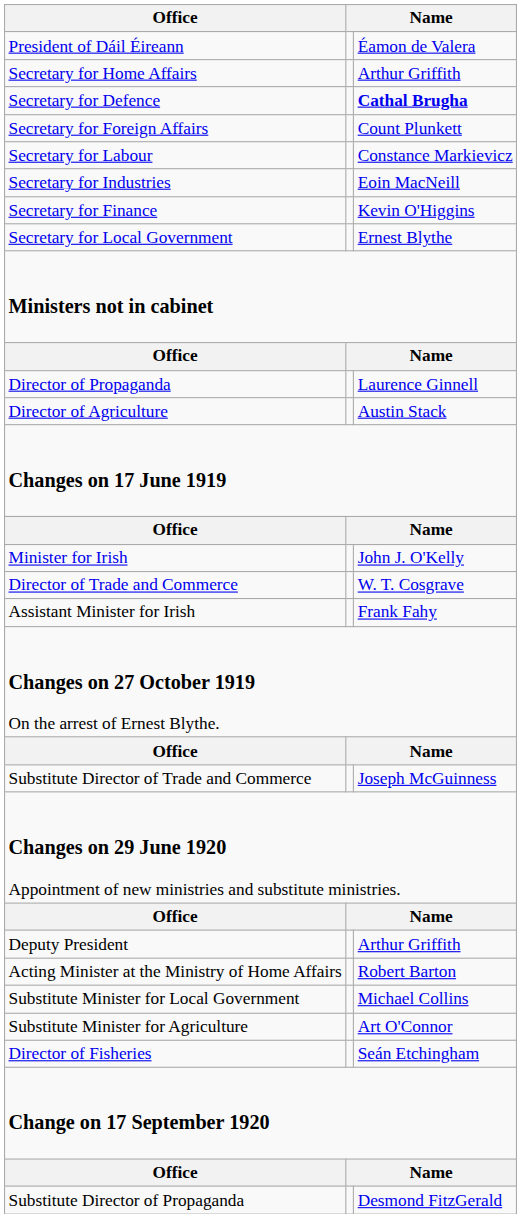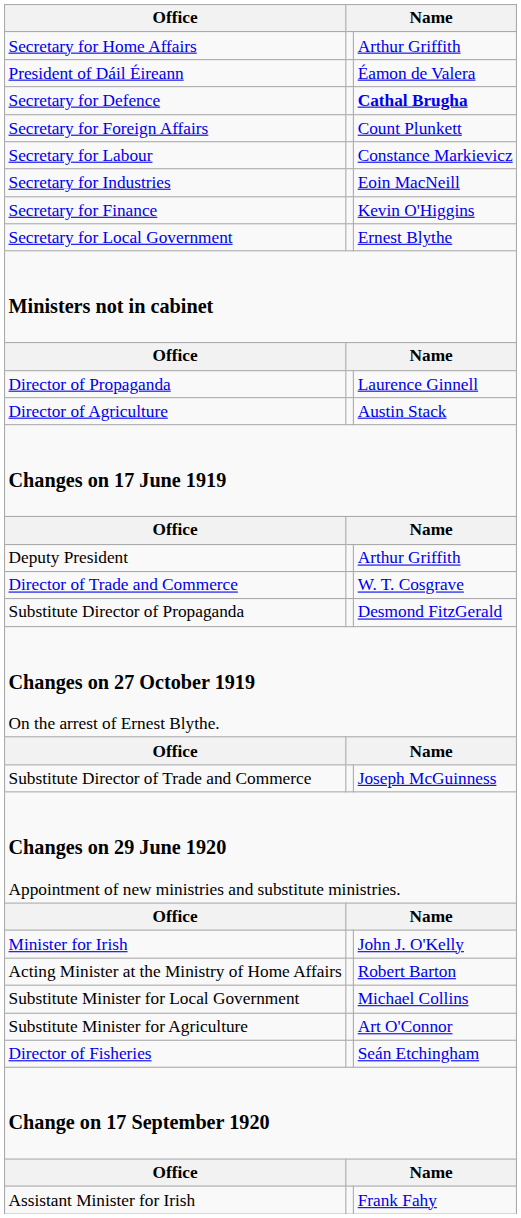 <table class="wikitable">
 <tr>
 <th>Office</th>
 <th colspan="2">Name</th>
 </tr>
 <tr>
+<td><a href='#'>Secretary for Home Affairs</a></td>
+<td style="background-color: "></td>
+<td><a href='#'>Arthur Griffith</a></td>
+</tr>
+<tr>
 <td><a href='#'>President of Dáil Éireann</a></td>
 <td style="background-color: "></td>
 <td><a href='#'>Éamon de Valera</a></td>
-</tr>
-<tr>
-<td><a href='#'>Secretary for Home Affairs</a></td>
-<td style="background-color: "></td>
-<td><a href='#'>Arthur Griffith</a></td>
 </tr>
 <tr>
 <td><a href='#'>Secretary for Defence</a></td>
 <td style="background-color: "></td>
 <td><strong><a href='#'>Cathal Brugha</a></strong></td>
 </tr>
 <tr>
 <td><a href='#'>Secretary for Foreign Affairs</a></td>
 <td style="background-color: "></td>
 <td><a href='#'>Count Plunkett</a></td>
 </tr>
 <tr>
 <td><a href='#'>Secretary for Labour</a></td>
 <td style="background-color: "></td>
 <td><a href='#'>Constance Markievicz</a></td>
 </tr>
 <tr>
 <td><a href='#'>Secretary for Industries</a></td>
 <td style="background-color: "></td>
 <td><a href='#'>Eoin MacNeill</a></td>
 </tr>
 <tr>
 <td><a href='#'>Secretary for Finance</a></td>
 <td style="background-color: "></td>
 <td><a href='#'>Kevin O'Higgins</a></td>
 </tr>
 <tr>
 <td><a href='#'>Secretary for Local Government</a></td>
 <td style="background-color: "></td>
 <td><a href='#'>Ernest Blythe</a></td>
 </tr>
 <tr>
 <td colspan="3"><br><h3>Ministers not in cabinet</h3></td>
 </tr>
 <tr>
 <th>Office</th>
 <th colspan="2">Name</th>
 </tr>
 <tr>
 <td><a href='#'>Director of Propaganda</a></td>
 <td style="background-color: "></td>
 <td><a href='#'>Laurence Ginnell</a></td>
 </tr>
 <tr>
 <td><a href='#'>Director of Agriculture</a></td>
 <td style="background-color: "></td>
 <td><a href='#'>Austin Stack</a></td>
 </tr>
 <tr>
 <td colspan="3"><br><h3>Changes on 17 June 1919</h3></td>
 </tr>
 <tr>
 <th>Office</th>
 <th colspan="2">Name</th>
 </tr>
 <tr>
-<td><a href='#'>Minister for Irish</a></td>
+<td>Deputy President</td>
 <td style="background-color: "></td>
-<td><a href='#'>John J. O'Kelly</a></td>
+<td><a href='#'>Arthur Griffith</a></td>
 </tr>
 <tr>
 <td><a href='#'>Director of Trade and Commerce</a></td>
 <td style="background-color: "></td>
 <td><a href='#'>W. T. Cosgrave</a></td>
 </tr>
 <tr>
-<td>Assistant Minister for Irish</td>
+<td>Substitute Director of Propaganda</td>
 <td style="background-color: "></td>
-<td><a href='#'>Frank Fahy</a></td>
+<td><a href='#'>Desmond FitzGerald</a></td>
 </tr>
 <tr>
 <td colspan="3"><br><h3>Changes on 27 October 1919</h3>On the arrest of Ernest Blythe.</td>
 </tr>
 <tr>
 <th>Office</th>
 <th colspan="2">Name</th>
 </tr>
 <tr>
 <td>Substitute Director of Trade and Commerce</td>
 <td style="background-color: "></td>
 <td><a href='#'>Joseph McGuinness</a></td>
 </tr>
 <tr>
 <td colspan="3"><br><h3>Changes on 29 June 1920</h3>Appointment of new ministries and substitute ministries.</td>
 </tr>
 <tr>
 <th>Office</th>
 <th colspan="2">Name</th>
 </tr>
 <tr>
-<td>Deputy President</td>
+<td><a href='#'>Minister for Irish</a></td>
 <td style="background-color: "></td>
-<td><a href='#'>Arthur Griffith</a></td>
+<td><a href='#'>John J. O'Kelly</a></td>
 </tr>
 <tr>
 <td>Acting Minister at the Ministry of Home Affairs</td>
 <td style="background-color: "></td>
 <td><a href='#'>Robert Barton</a></td>
 </tr>
 <tr>
 <td>Substitute Minister for Local Government</td>
 <td style="background-color: "></td>
 <td><a href='#'>Michael Collins</a></td>
 </tr>
 <tr>
 <td>Substitute Minister for Agriculture</td>
 <td style="background-color: "></td>
 <td><a href='#'>Art O'Connor</a></td>
 </tr>
 <tr>
 <td><a href='#'>Director of Fisheries</a></td>
 <td style="background-color: "></td>
 <td><a href='#'>Seán Etchingham</a></td>
 </tr>
 <tr>
 <td colspan="3"><br><h3>Change on 17 September 1920</h3></td>
 </tr>
 <tr>
 <th>Office</th>
 <th colspan="2">Name</th>
 </tr>
 <tr>
-<td>Substitute Director of Propaganda</td>
+<td>Assistant Minister for Irish</td>
 <td style="background-color: "></td>
-<td><a href='#'>Desmond FitzGerald</a></td>
+<td><a href='#'>Frank Fahy</a></td>
 </tr>
 </table>
